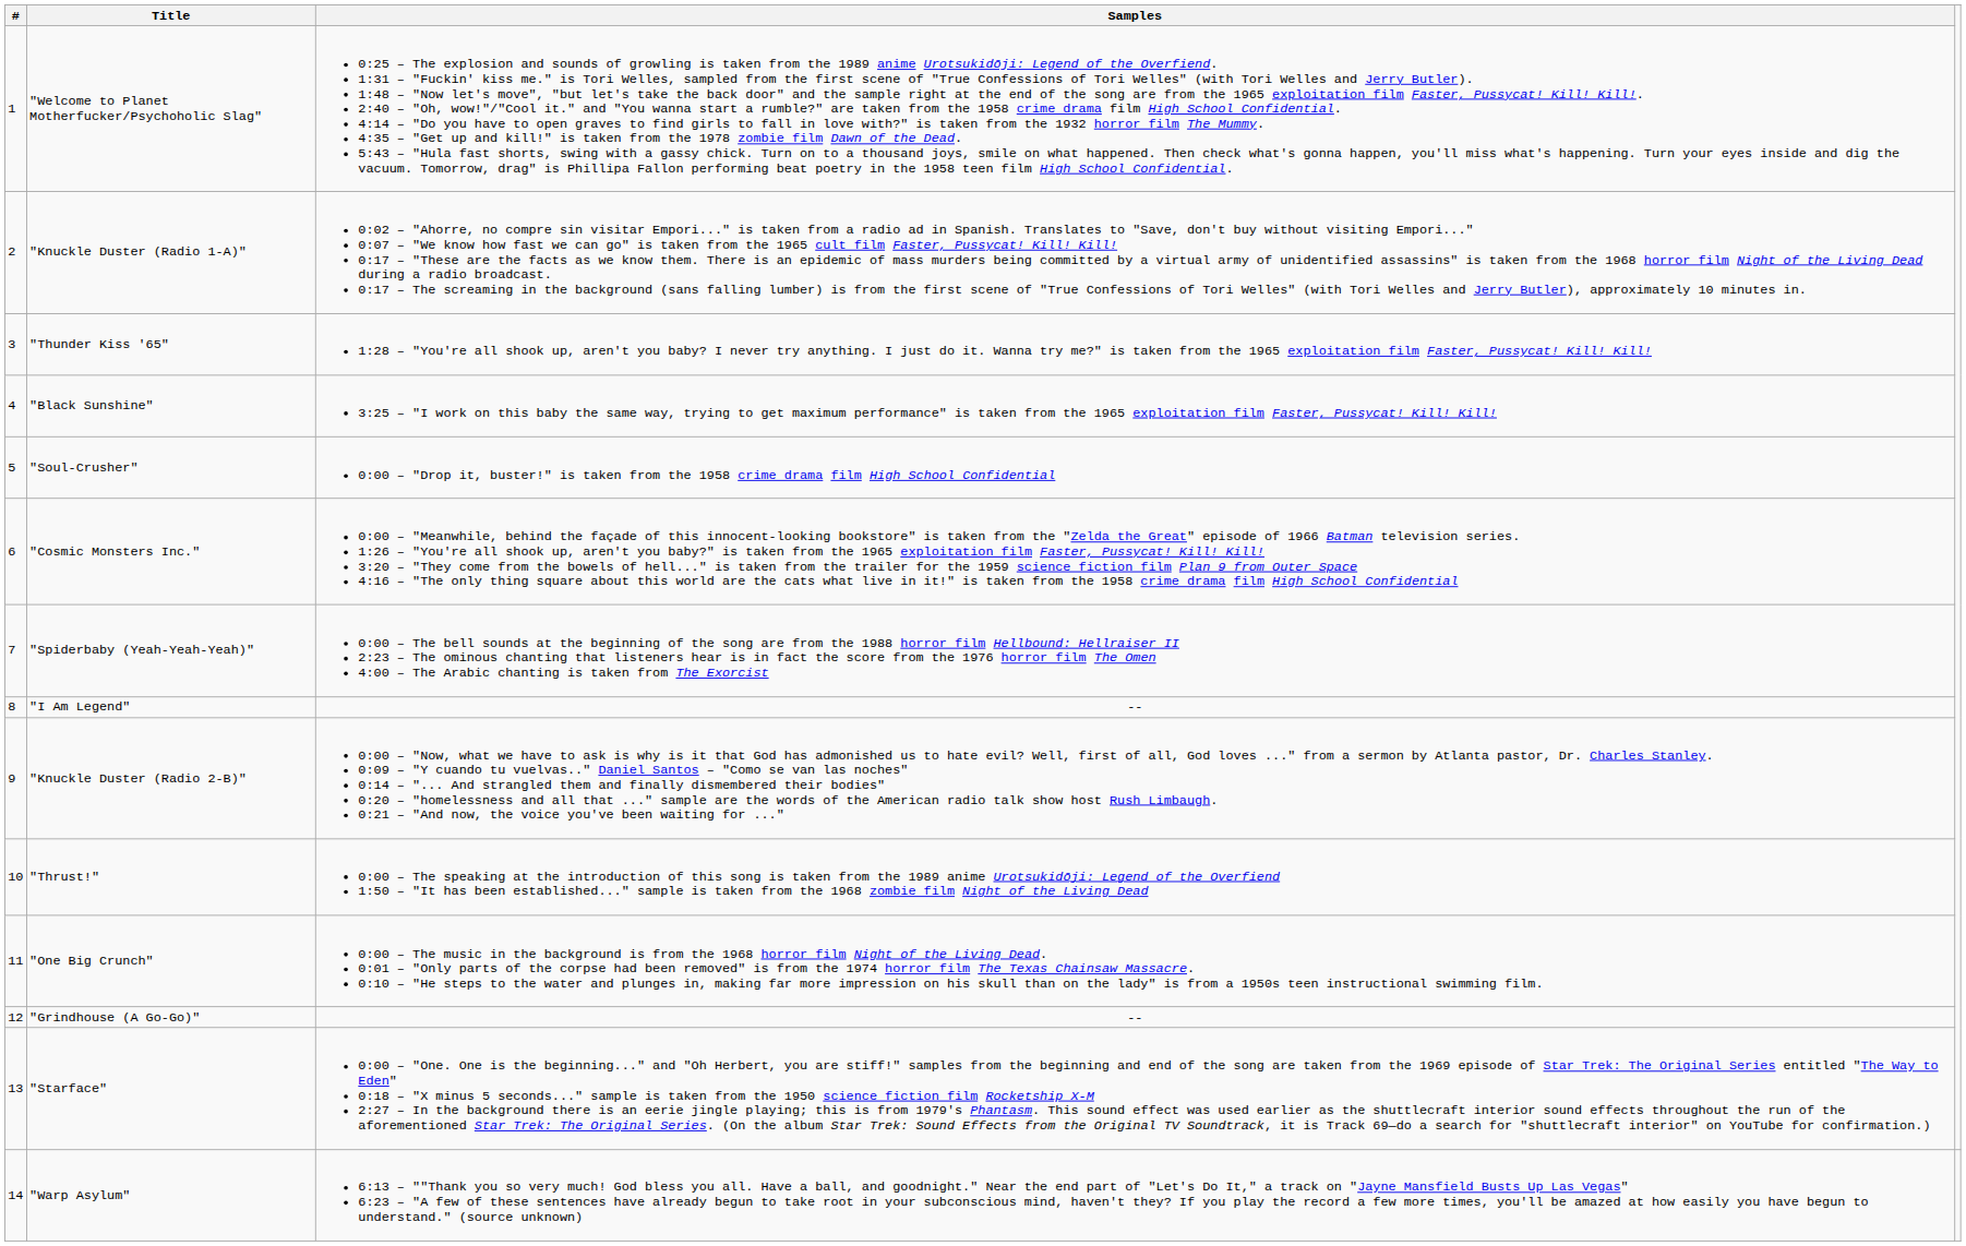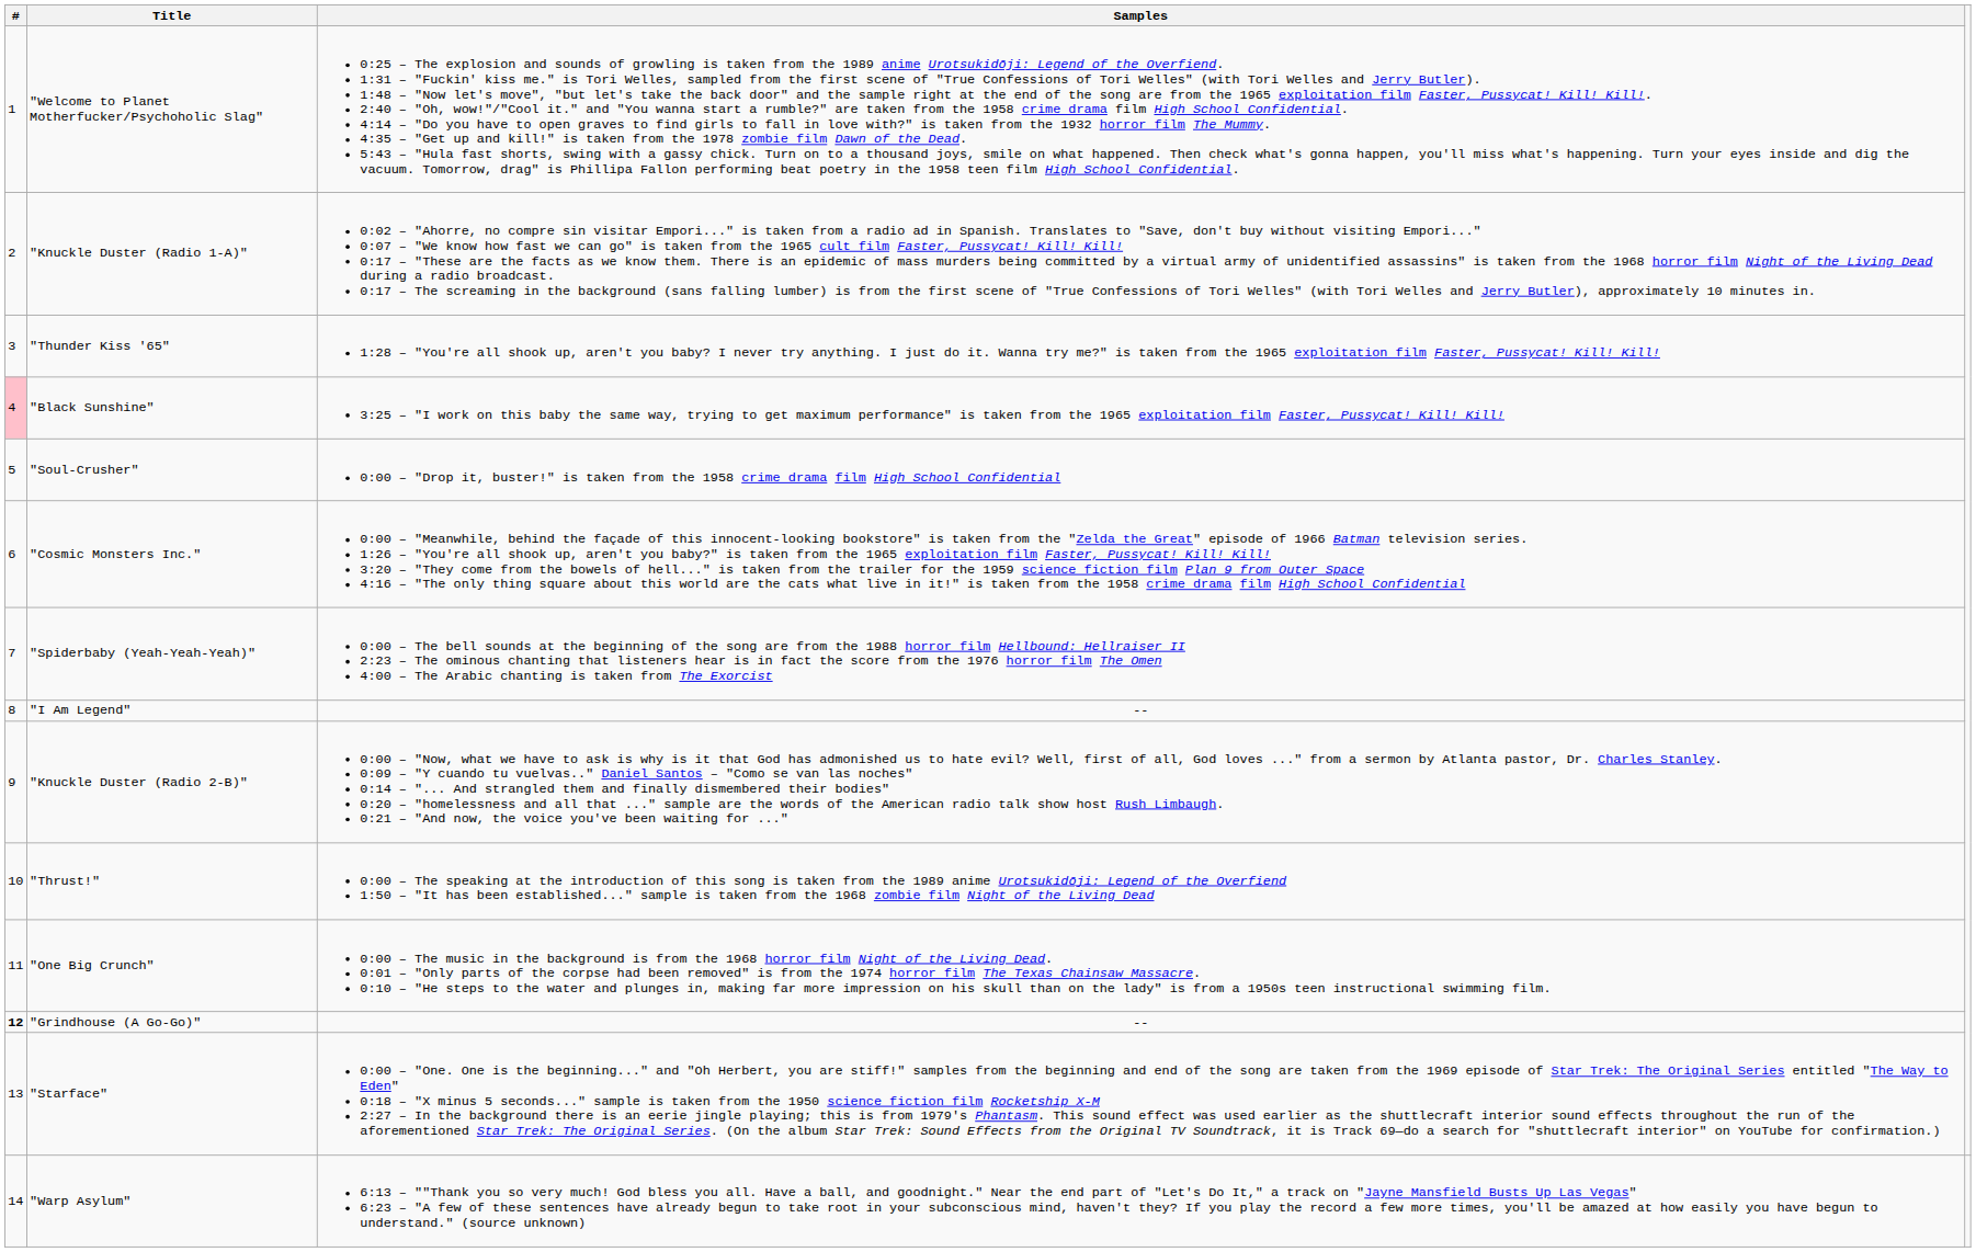 <table class="wikitable">
 <tr>
 <th>#</th>
 <th>Title</th>
 <th>Samples</th>
 </tr>
 <tr>
 <td>1</td>
 <td>"Welcome to Planet Motherfucker/Psychoholic Slag"</td>
 <td><br><ul><li>0:25 – The explosion and sounds of growling is taken from the 1989 <a href='#'>anime</a> <em><a href='#'>Urotsukidōji: Legend of the Overfiend</a></em>.</li><li>1:31 – "Fuckin' kiss me." is Tori Welles, sampled from the first scene of "True Confessions of Tori Welles" (with Tori Welles and <a href='#'>Jerry Butler</a>).</li><li>1:48 – "Now let's move", "but let's take the back door" and the sample right at the end of the song are from the 1965 <a href='#'>exploitation film</a> <em><a href='#'>Faster, Pussycat! Kill! Kill!</a></em>.</li><li>2:40 – "Oh, wow!"/"Cool it." and "You wanna start a rumble?" are taken from the 1958 <a href='#'>crime drama</a> film <em><a href='#'>High School Confidential</a></em>.</li><li>4:14 – "Do you have to open graves to find girls to fall in love with?" is taken from the 1932 <a href='#'>horror film</a> <em><a href='#'>The Mummy</a></em>.</li><li>4:35 – "Get up and kill!" is taken from the 1978 <a href='#'>zombie film</a> <em><a href='#'>Dawn of the Dead</a></em>.</li><li>5:43 – "Hula fast shorts, swing with a gassy chick. Turn on to a thousand joys, smile on what happened. Then check what's gonna happen, you'll miss what's happening. Turn your eyes inside and dig the vacuum. Tomorrow, drag" is Phillipa Fallon performing beat poetry in the 1958 teen film <em><a href='#'>High School Confidential</a></em>.</li></ul></td>
 </tr>
 <tr>
 <td>2</td>
 <td>"Knuckle Duster (Radio 1-A)"</td>
 <td><br><ul><li>0:02 – "Ahorre, no compre sin visitar Empori..." is taken from a radio ad in Spanish. Translates to "Save, don't buy without visiting Empori..."</li><li>0:07 – "We know how fast we can go" is taken from the 1965 <a href='#'>cult film</a> <em><a href='#'>Faster, Pussycat! Kill! Kill!</a></em></li><li>0:17 – "These are the facts as we know them. There is an epidemic of mass murders being committed by a virtual army of unidentified assassins" is taken from the 1968 <a href='#'>horror film</a> <em><a href='#'>Night of the Living Dead</a></em> during a radio broadcast.</li><li>0:17 – The screaming in the background (sans falling lumber) is from the first scene of "True Confessions of Tori Welles" (with Tori Welles and <a href='#'>Jerry Butler</a>), approximately 10 minutes in.</li></ul></td>
 </tr>
 <tr>
 <td>3</td>
 <td>"Thunder Kiss '65"</td>
 <td><br><ul><li>1:28 – "You're all shook up, aren't you baby? I never try anything. I just do it. Wanna try me?" is taken from the 1965 <a href='#'>exploitation film</a> <em><a href='#'>Faster, Pussycat! Kill! Kill!</a></em></li></ul></td>
 </tr>
 <tr>
-<td>4</td>
+<td style="background: pink;">4</td>
 <td>"Black Sunshine"</td>
 <td><br><ul><li>3:25 – "I work on this baby the same way, trying to get maximum performance" is taken from the 1965 <a href='#'>exploitation film</a> <em><a href='#'>Faster, Pussycat! Kill! Kill!</a></em></li></ul></td>
 </tr>
 <tr>
 <td>5</td>
 <td>"Soul-Crusher"</td>
 <td><br><ul><li>0:00 – "Drop it, buster!" is taken from the 1958 <a href='#'>crime drama</a> <a href='#'>film</a> <em><a href='#'>High School Confidential</a></em></li></ul></td>
 </tr>
 <tr>
 <td>6</td>
 <td>"Cosmic Monsters Inc."</td>
 <td><br><ul><li>0:00 – "Meanwhile, behind the façade of this innocent-looking bookstore" is taken from the "<a href='#'>Zelda the Great</a>" episode of 1966 <em><a href='#'>Batman</a></em> television series.</li><li>1:26 – "You're all shook up, aren't you baby?" is taken from the 1965 <a href='#'>exploitation film</a> <em><a href='#'>Faster, Pussycat! Kill! Kill!</a></em></li><li>3:20 – "They come from the bowels of hell..." is taken from the trailer for the 1959 <a href='#'>science fiction film</a> <em><a href='#'>Plan 9 from Outer Space</a></em></li><li>4:16 – "The only thing square about this world are the cats what live in it!" is taken from the 1958 <a href='#'>crime drama</a> <a href='#'>film</a> <em><a href='#'>High School Confidential</a></em></li></ul></td>
 </tr>
 <tr>
 <td>7</td>
 <td>"Spiderbaby (Yeah-Yeah-Yeah)"</td>
 <td><br><ul><li>0:00 – The bell sounds at the beginning of the song are from the 1988 <a href='#'>horror film</a> <em><a href='#'>Hellbound: Hellraiser II</a></em></li><li>2:23 – The ominous chanting that listeners hear is in fact the score from the 1976 <a href='#'>horror film</a> <em><a href='#'>The Omen</a></em></li><li>4:00 – The Arabic chanting is taken from <em><a href='#'>The Exorcist</a></em></li></ul></td>
 </tr>
 <tr>
 <td>8</td>
 <td>"I Am Legend"</td>
 <td align="center">--</td>
 </tr>
 <tr>
 <td>9</td>
 <td>"Knuckle Duster (Radio 2-B)"</td>
 <td><br><ul><li>0:00 – "Now, what we have to ask is why is it that God has admonished us to hate evil? Well, first of all, God loves ..." from a sermon by Atlanta pastor, Dr. <a href='#'>Charles Stanley</a>.</li><li>0:09 – "Y cuando tu vuelvas.."  <a href='#'>Daniel Santos</a> – "Como se van las noches"</li><li>0:14 – "... And strangled them and finally dismembered their bodies"</li><li>0:20 – "homelessness and all that ..." sample are the words of the American radio talk show host <a href='#'>Rush Limbaugh</a>.</li><li>0:21 – "And now, the voice you've been waiting for ..."</li></ul></td>
 </tr>
 <tr>
 <td>10</td>
 <td>"Thrust!"</td>
 <td><br><ul><li>0:00 – The speaking at the introduction of this song is taken from the 1989 anime <em><a href='#'>Urotsukidōji: Legend of the Overfiend</a></em></li><li>1:50 – "It has been established..." sample is taken from the 1968 <a href='#'>zombie film</a> <em><a href='#'>Night of the Living Dead</a></em></li></ul></td>
 </tr>
 <tr>
 <td>11</td>
 <td>"One Big Crunch"</td>
 <td><br><ul><li>0:00 – The music in the background is from the 1968 <a href='#'>horror film</a> <em><a href='#'>Night of the Living Dead</a></em>.</li><li>0:01 – "Only parts of the corpse had been removed" is from the 1974 <a href='#'>horror film</a> <em><a href='#'>The Texas Chainsaw Massacre</a></em>.</li><li>0:10 – "He steps to the water and plunges in, making far more impression on his skull than on the lady" is from a 1950s teen instructional swimming film.</li></ul></td>
 </tr>
 <tr>
-<td>12</td>
+<td><strong>12</strong></td>
 <td>"Grindhouse (A Go-Go)"</td>
 <td align="center">--</td>
 </tr>
 <tr>
 <td>13</td>
 <td>"Starface"</td>
 <td><br><ul><li>0:00 – "One. One is the beginning..." and "Oh Herbert, you are stiff!" samples from the beginning and end of the song are taken from the 1969 episode of <a href='#'>Star Trek: The Original Series</a> entitled "<a href='#'>The Way to Eden</a>"</li><li>0:18 – "X minus 5 seconds..." sample is taken from the 1950 <a href='#'>science fiction film</a> <em><a href='#'>Rocketship X-M</a></em></li><li>2:27 – In the background there is an eerie jingle playing; this is from 1979's <em><a href='#'>Phantasm</a></em>. This sound effect was used earlier as the shuttlecraft interior sound effects throughout the run of the aforementioned <em><a href='#'>Star Trek: The Original Series</a></em>. (On the album <em>Star Trek: Sound Effects from the Original TV Soundtrack</em>, it is Track 69—do a search for "shuttlecraft interior" on YouTube for confirmation.)</li></ul></td>
 </tr>
 <tr>
 <td>14</td>
 <td>"Warp Asylum"</td>
 <td><br><ul><li>6:13 – ""Thank you so very much! God bless you all. Have a ball, and goodnight." Near the end part of "Let's Do It," a track on "<a href='#'>Jayne Mansfield Busts Up Las Vegas</a>"</li><li>6:23 – "A few of these sentences have already begun to take root in your subconscious mind, haven't they? If you play the record a few more times, you'll be amazed at how easily you have begun to understand." (source unknown)</li></ul></td>
 <td></td>
 </tr>
 </table>
